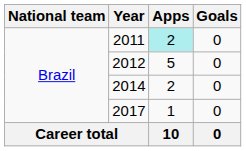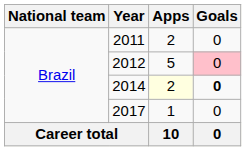 <table class="wikitable" style="text-align:center">
 <tr style="background:beige">
 <th>National team</th>
 <th>Year</th>
 <th>Apps</th>
 <th>Goals</th>
 </tr>
 <tr>
 <td rowspan="4"><a href='#'>Brazil</a></td>
 <td>2011</td>
-<td style="background: paleturquoise;">2</td>
+<td>2</td>
 <td>0</td>
 </tr>
 <tr>
 <td>2012</td>
 <td>5</td>
-<td>0</td>
+<td style="background: pink;">0</td>
 </tr>
 <tr>
 <td>2014</td>
-<td>2</td>
-<td>0</td>
+<td style="background: lightyellow;">2</td>
+<td><strong>0</strong></td>
 </tr>
 <tr>
 <td>2017</td>
 <td>1</td>
 <td>0</td>
 </tr>
 <tr style="background:beige">
 <th colspan="2">Career total</th>
 <th>10</th>
 <th>0</th>
 </tr>
 </table>
